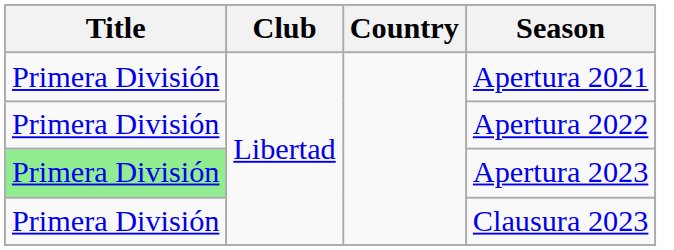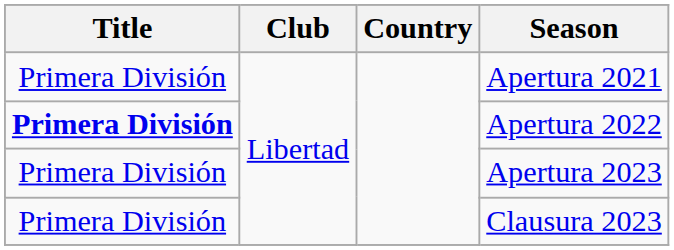 <table class="wikitable center" style="text-align:center">
 <tr>
 <th>Title</th>
 <th>Club</th>
 <th>Country</th>
 <th>Season</th>
 </tr>
 <tr>
 <td><a href='#'>Primera División</a></td>
 <td rowspan="4"><a href='#'>Libertad</a></td>
 <td rowspan="4"></td>
 <td><a href='#'>Apertura 2021</a></td>
 </tr>
 <tr>
-<td><a href='#'>Primera División</a></td>
+<td><strong><a href='#'>Primera División</a></strong></td>
 <td><a href='#'>Apertura 2022</a></td>
 </tr>
 <tr>
-<td style="background: lightgreen;"><a href='#'>Primera División</a></td>
+<td><a href='#'>Primera División</a></td>
 <td><a href='#'>Apertura 2023</a></td>
 </tr>
 <tr>
 <td><a href='#'>Primera División</a></td>
 <td><a href='#'>Clausura 2023</a></td>
 </tr>
 </table>
